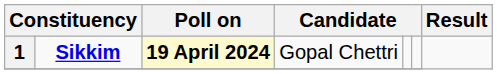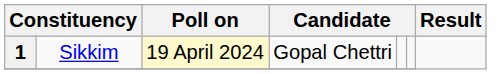 <table class="wikitable " style="text-align:center;">
 <tr>
 <th colspan="2">Constituency</th>
 <th>Poll on</th>
 <th colspan="3">Candidate</th>
 <th>Result</th>
 </tr>
 <tr>
 <th>1</th>
-<td><strong><a href='#'>Sikkim</a></strong></td>
-<td bgcolor=#FFFACD><strong>19 April 2024</strong></td>
+<td><a href='#'>Sikkim</a></td>
+<td bgcolor=#FFFACD>19 April 2024</td>
 <td>Gopal Chettri</td>
 <td></td>
 <td></td>
 </tr>
 <tr>
 </tr>
 </table>
